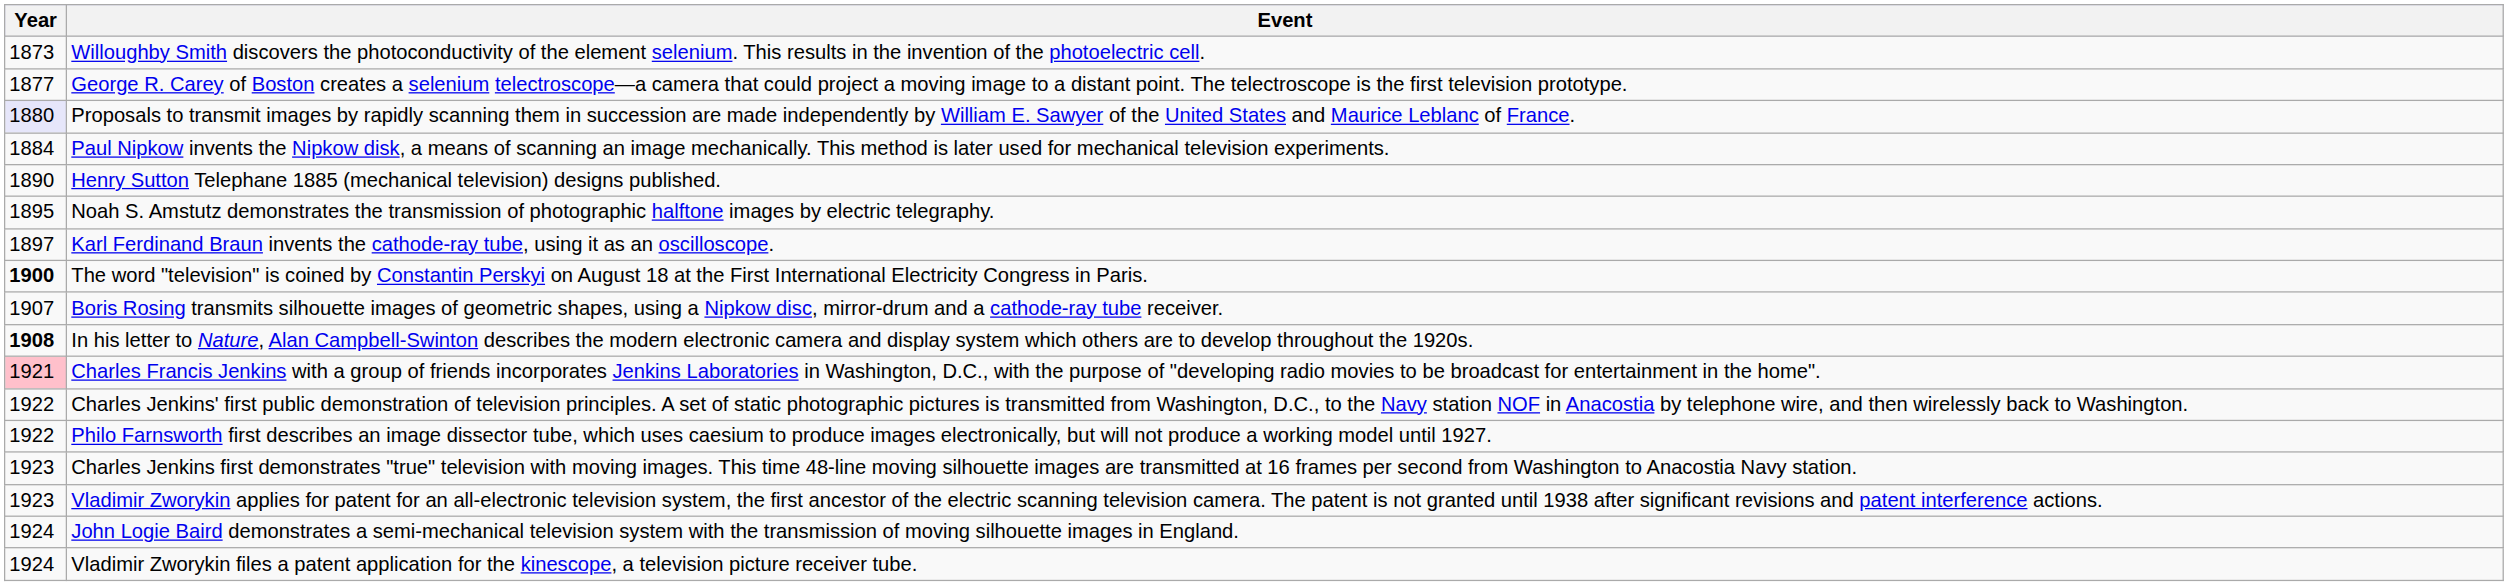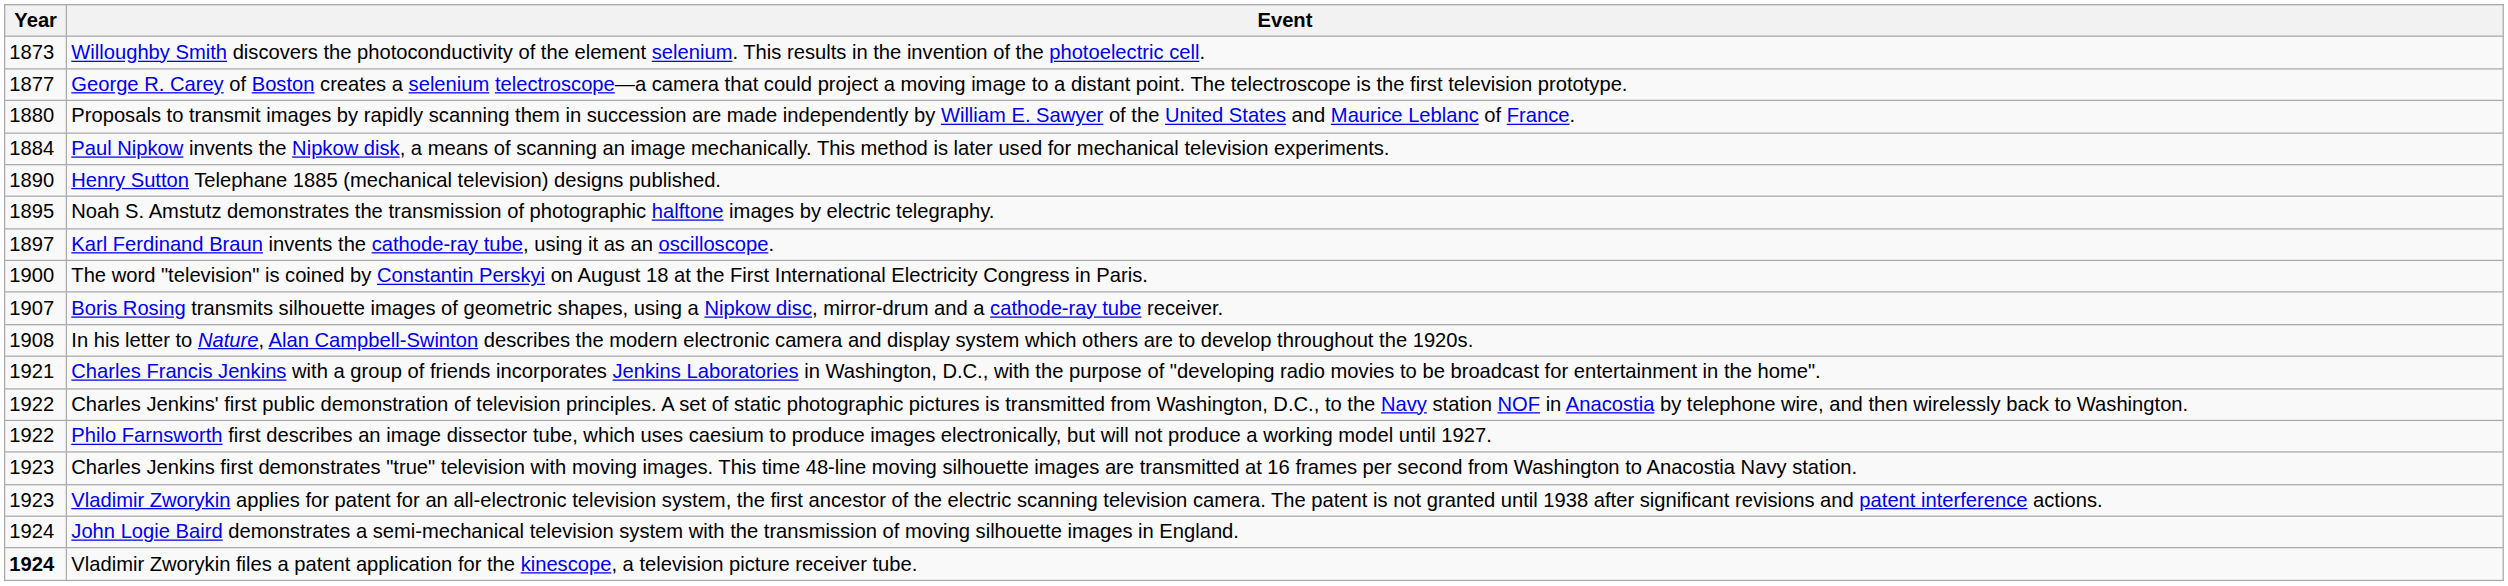 <table width=100% class="wikitable">
 <tr bgcolor="#CCCCFF" align="left">
 <th>Year</th>
 <th>Event</th>
 </tr>
 <tr valign="top">
 <td>1873</td>
 <td><a href='#'>Willoughby Smith</a> discovers the photoconductivity of the element <a href='#'>selenium</a>. This results in the invention of the <a href='#'>photoelectric cell</a>.</td>
 </tr>
 <tr valign="top">
 <td>1877</td>
 <td><a href='#'>George R. Carey</a> of <a href='#'>Boston</a> creates a <a href='#'>selenium</a> <a href='#'>telectroscope</a>—a camera that could project a moving image to a distant point. The telectroscope is the first television prototype.</td>
 </tr>
 <tr valign="top">
-<td style="background: lavender;">1880</td>
+<td>1880</td>
 <td>Proposals to transmit images by rapidly scanning them in succession are made independently by <a href='#'>William E. Sawyer</a> of the <a href='#'>United States</a> and <a href='#'>Maurice Leblanc</a> of <a href='#'>France</a>.</td>
 </tr>
 <tr valign="top">
 <td>1884</td>
 <td><a href='#'>Paul Nipkow</a> invents the <a href='#'>Nipkow disk</a>, a means of scanning an image mechanically. This method is later used for mechanical television experiments.</td>
 </tr>
 <tr valign="top">
 <td>1890</td>
 <td><a href='#'>Henry Sutton</a> Telephane 1885 (mechanical television) designs published.</td>
 </tr>
 <tr valign="top">
 <td>1895</td>
 <td>Noah S. Amstutz demonstrates the transmission of photographic <a href='#'>halftone</a> images by electric telegraphy.</td>
 </tr>
 <tr valign="top">
 <td>1897</td>
 <td><a href='#'>Karl Ferdinand Braun</a> invents the <a href='#'>cathode-ray tube</a>, using it as an <a href='#'>oscilloscope</a>.</td>
 </tr>
 <tr valign="top">
-<td><strong>1900</strong></td>
+<td>1900</td>
 <td>The word "television" is coined by <a href='#'>Constantin Perskyi</a> on August 18 at the First International Electricity Congress in Paris.</td>
 </tr>
 <tr valign="top">
 <td>1907</td>
 <td><a href='#'>Boris Rosing</a> transmits silhouette images of geometric shapes, using a <a href='#'>Nipkow disc</a>, mirror-drum and a <a href='#'>cathode-ray tube</a> receiver.</td>
 </tr>
 <tr valign="top">
-<td><strong>1908</strong></td>
+<td>1908</td>
 <td>In his letter to <em><a href='#'>Nature</a></em>, <a href='#'>Alan Campbell-Swinton</a> describes the modern electronic camera and display system which others are to develop throughout the 1920s.</td>
 </tr>
 <tr valign="top">
-<td style="background: pink;">1921</td>
+<td>1921</td>
 <td><a href='#'>Charles Francis Jenkins</a> with a group of friends incorporates <a href='#'>Jenkins Laboratories</a> in Washington, D.C., with the purpose of "developing radio movies to be broadcast for entertainment in the home".</td>
 </tr>
 <tr valign="top">
 <td>1922</td>
 <td>Charles Jenkins' first public demonstration of television principles. A set of static photographic pictures is transmitted from Washington, D.C., to the <a href='#'>Navy</a> station <a href='#'>NOF</a> in <a href='#'>Anacostia</a> by telephone wire, and then wirelessly back to Washington.</td>
 </tr>
 <tr valign="top">
 <td>1922</td>
 <td><a href='#'>Philo Farnsworth</a> first describes an image dissector tube, which uses caesium to produce images electronically, but will not produce a working model until 1927.</td>
 </tr>
 <tr valign="top">
 <td>1923</td>
 <td>Charles Jenkins first demonstrates "true" television with moving images. This time 48-line moving silhouette images are transmitted at 16 frames per second from Washington to Anacostia Navy station.</td>
 </tr>
 <tr valign="top">
 <td>1923</td>
 <td><a href='#'>Vladimir Zworykin</a> applies for patent for an all-electronic television system, the first ancestor of the electric scanning television camera. The patent is not granted until 1938 after significant revisions and <a href='#'>patent interference</a> actions.</td>
 </tr>
 <tr valign="top">
 <td>1924</td>
 <td><a href='#'>John Logie Baird</a> demonstrates a semi-mechanical television system with the transmission of moving silhouette images in England.</td>
 </tr>
 <tr valign="top">
-<td>1924</td>
+<td><strong>1924</strong></td>
 <td>Vladimir Zworykin files a patent application for the <a href='#'>kinescope</a>, a television picture receiver tube.</td>
 </tr>
 </table>
